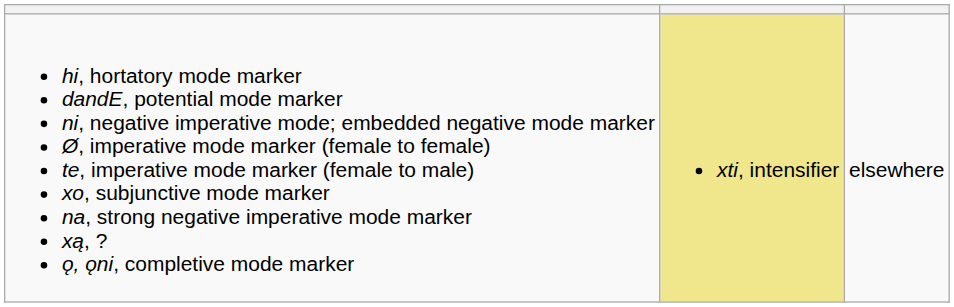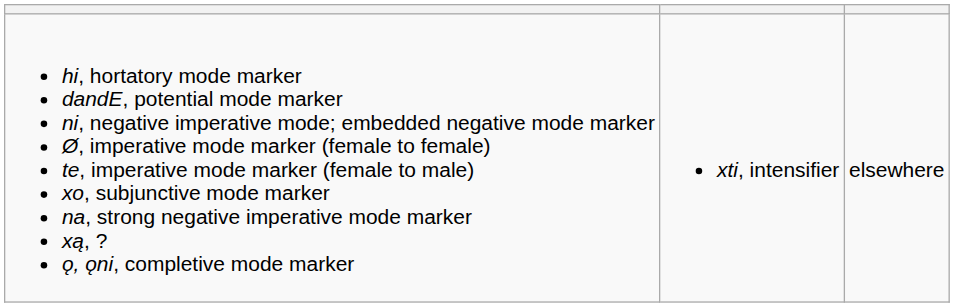 <table class="wikitable">
 <tr>
 <th></th>
 <th></th>
 <th></th>
 </tr>
 <tr>
 <td><br><ul><li><em>hi</em>, hortatory mode marker</li><li><em>dandE</em>, potential mode marker</li><li><em>ni</em>, negative imperative mode; embedded negative mode marker</li><li><em>Ø</em>, imperative mode marker (female to female)</li><li><em>te</em>, imperative mode marker (female to male)</li><li><em>xo</em>, subjunctive mode marker</li><li><em>na</em>, strong negative imperative mode marker</li><li><em>xą</em>, ?</li><li><em>ǫ, ǫni</em>, completive mode marker</li></ul></td>
-<td style="background: khaki;"><br><ul><li><em>xti</em>, intensifier</li></ul></td>
+<td><br><ul><li><em>xti</em>, intensifier</li></ul></td>
 <td><br>elsewhere</td>
 </tr>
 </table>
